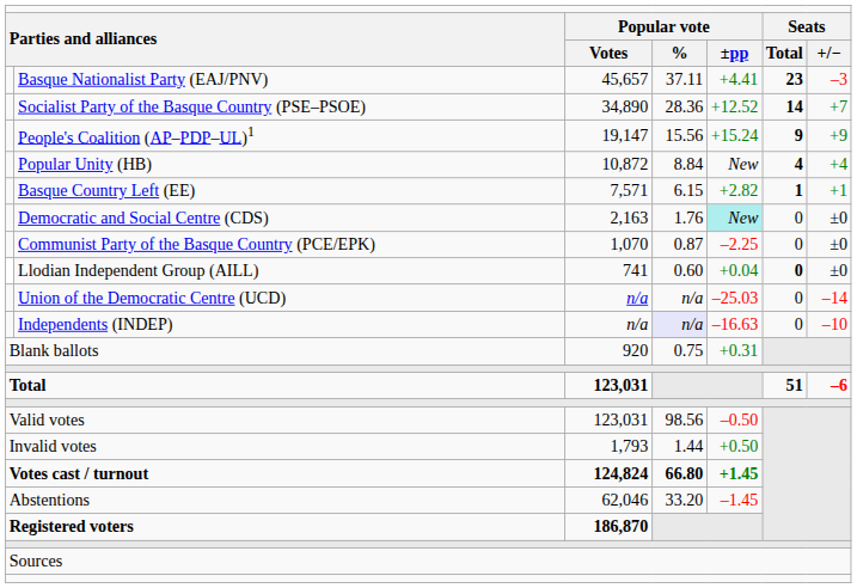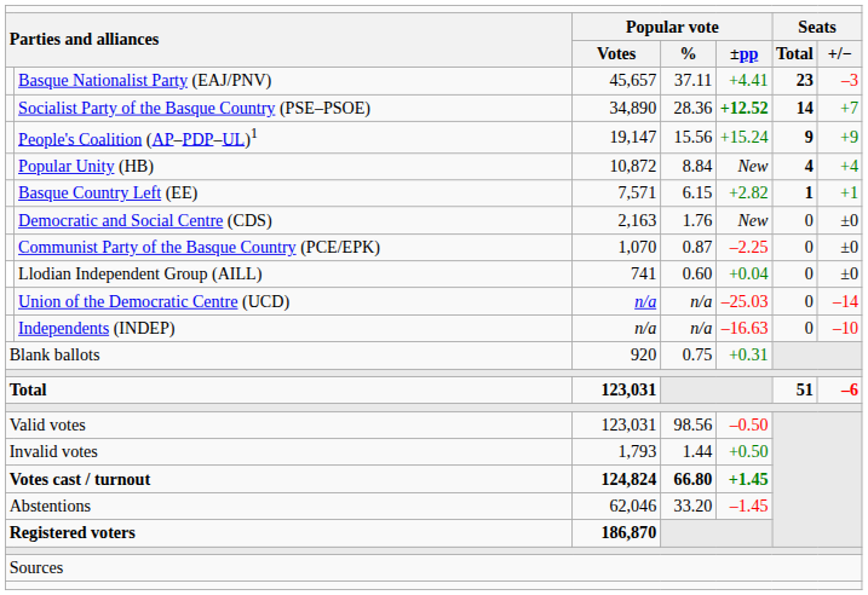 <table class="wikitable" style="text-align:right;">
 <tr>
 <td colspan="7"></td>
 </tr>
 <tr>
 <th style="text-align:left;" rowspan="2" colspan="2" width="525">Parties and alliances</th>
 <th colspan="3">Popular vote</th>
 <th colspan="2">Seats</th>
 </tr>
 <tr>
 <th width="75">Votes</th>
 <th width="45">%</th>
 <th width="45">±<a href='#'>pp</a></th>
 <th width="35">Total</th>
 <th width="35">+/−</th>
 </tr>
 <tr>
 <td width="1" style="color:inherit;background:"></td>
 <td align="left"><a href='#'>Basque Nationalist Party</a> (EAJ/PNV)</td>
 <td>45,657</td>
 <td>37.11</td>
 <td style="color:green;">+4.41</td>
 <td><strong>23</strong></td>
 <td style="color:red;">–3</td>
 </tr>
 <tr>
 <td style="color:inherit;background:"></td>
 <td align="left"><a href='#'>Socialist Party of the Basque Country</a> (PSE–PSOE)</td>
 <td>34,890</td>
 <td>28.36</td>
-<td style="color:green;">+12.52</td>
+<td style="color:green;"><strong>+12.52</strong></td>
 <td><strong>14</strong></td>
 <td style="color:green;">+7</td>
 </tr>
 <tr>
 <td style="color:inherit;background:"></td>
 <td align="left"><a href='#'>People's Coalition</a> (<a href='#'>AP</a>–<a href='#'>PDP</a>–<a href='#'>UL</a>)<sup>1</sup></td>
 <td>19,147</td>
 <td>15.56</td>
 <td style="color:green;">+15.24</td>
 <td><strong>9</strong></td>
 <td style="color:green;">+9</td>
 </tr>
 <tr>
 <td style="color:inherit;background:"></td>
 <td align="left"><a href='#'>Popular Unity</a> (HB)</td>
 <td>10,872</td>
 <td>8.84</td>
 <td><em>New</em></td>
 <td><strong>4</strong></td>
 <td style="color:green;">+4</td>
 </tr>
 <tr>
 <td style="color:inherit;background:"></td>
 <td align="left"><a href='#'>Basque Country Left</a> (EE)</td>
 <td>7,571</td>
 <td>6.15</td>
 <td style="color:green;">+2.82</td>
 <td><strong>1</strong></td>
 <td style="color:green;">+1</td>
 </tr>
 <tr>
 <td style="color:inherit;background:"></td>
 <td align="left"><a href='#'>Democratic and Social Centre</a> (CDS)</td>
 <td>2,163</td>
 <td>1.76</td>
-<td style="background: paleturquoise;"><em>New</em></td>
+<td><em>New</em></td>
 <td>0</td>
 <td>±0</td>
 </tr>
 <tr>
 <td style="color:inherit;background:"></td>
 <td align="left"><a href='#'>Communist Party of the Basque Country</a> (PCE/EPK)</td>
 <td>1,070</td>
 <td>0.87</td>
 <td style="color:red;">–2.25</td>
 <td>0</td>
 <td>±0</td>
 </tr>
 <tr>
 <td bgcolor="white"></td>
 <td align="left">Llodian Independent Group (AILL)</td>
 <td>741</td>
 <td>0.60</td>
 <td style="color:green;">+0.04</td>
-<td><strong>0</strong></td>
+<td>0</td>
 <td>±0</td>
 </tr>
 <tr>
 <td style="color:inherit;background:"></td>
 <td align="left"><a href='#'>Union of the Democratic Centre</a> (UCD)</td>
 <td><em><a href='#'>n/a</a></em></td>
 <td><em>n/a</em></td>
 <td style="color:red;">–25.03</td>
 <td>0</td>
 <td style="color:red;">–14</td>
 </tr>
 <tr>
 <td style="color:inherit;background:"></td>
 <td align="left"><a href='#'>Independents</a> (INDEP)</td>
 <td><em>n/a</em></td>
-<td style="background: lavender;"><em>n/a</em></td>
+<td><em>n/a</em></td>
 <td style="color:red;">–16.63</td>
 <td>0</td>
 <td style="color:red;">–10</td>
 </tr>
 <tr>
 <td align="left" colspan="2">Blank ballots</td>
 <td>920</td>
 <td>0.75</td>
 <td style="color:green;">+0.31</td>
 <td bgcolor="#E9E9E9" colspan="2"></td>
 </tr>
 <tr>
 <td colspan="7" bgcolor="#E9E9E9"></td>
 </tr>
 <tr style="font-weight:bold;">
 <td align="left" colspan="2">Total</td>
 <td>123,031</td>
 <td bgcolor="#E9E9E9" colspan="2"></td>
 <td>51</td>
 <td style="color:red;">–6</td>
 </tr>
 <tr>
 <td colspan="7" bgcolor="#E9E9E9"></td>
 </tr>
 <tr>
 <td align="left" colspan="2">Valid votes</td>
 <td>123,031</td>
 <td>98.56</td>
 <td style="color:red;">–0.50</td>
 <td bgcolor="#E9E9E9" colspan="2" rowspan="5"></td>
 </tr>
 <tr>
 <td align="left" colspan="2">Invalid votes</td>
 <td>1,793</td>
 <td>1.44</td>
 <td style="color:green;">+0.50</td>
 </tr>
 <tr style="font-weight:bold;">
 <td align="left" colspan="2">Votes cast / turnout</td>
 <td>124,824</td>
 <td>66.80</td>
 <td style="color:green;">+1.45</td>
 </tr>
 <tr>
 <td align="left" colspan="2">Abstentions</td>
 <td>62,046</td>
 <td>33.20</td>
 <td style="color:red;">–1.45</td>
 </tr>
 <tr style="font-weight:bold;">
 <td align="left" colspan="2">Registered voters</td>
 <td>186,870</td>
 <td bgcolor="#E9E9E9" colspan="2"></td>
 </tr>
 <tr>
 <td colspan="7" bgcolor="#E9E9E9"></td>
 </tr>
 <tr>
 <td align="left" colspan="7">Sources</td>
 </tr>
 <tr>
 <td colspan="7" style="text-align:left; max-width:790px;"></td>
 </tr>
 </table>
